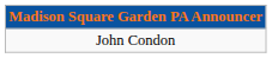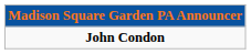 <table class="wikitable">
 <tr>
 <th style="color:#FF7518; background:#0953a0;">Madison Square Garden PA Announcer</th>
 </tr>
 <tr style="text-align: center">
-<td>John Condon</td>
+<td><strong>John Condon</strong></td>
 </tr>
 </table>
